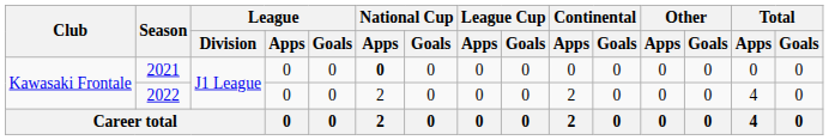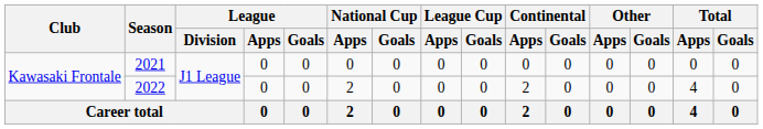 <table class="wikitable" style="text-align: center">
 <tr>
 <th rowspan="2">Club</th>
 <th rowspan="2">Season</th>
 <th colspan="3">League</th>
 <th colspan="2">National Cup</th>
 <th colspan="2">League Cup</th>
 <th colspan="2">Continental</th>
 <th colspan="2">Other</th>
 <th colspan="2">Total</th>
 </tr>
 <tr>
 <th>Division</th>
 <th>Apps</th>
 <th>Goals</th>
 <th>Apps</th>
 <th>Goals</th>
 <th>Apps</th>
 <th>Goals</th>
 <th>Apps</th>
 <th>Goals</th>
 <th>Apps</th>
 <th>Goals</th>
 <th>Apps</th>
 <th>Goals</th>
 </tr>
 <tr>
 <td rowspan="2"><a href='#'>Kawasaki Frontale</a></td>
 <td><a href='#'>2021</a></td>
 <td rowspan="2"><a href='#'>J1 League</a></td>
 <td>0</td>
 <td>0</td>
-<td><strong>0</strong></td>
+<td>0</td>
 <td>0</td>
 <td>0</td>
 <td>0</td>
 <td>0</td>
 <td>0</td>
 <td>0</td>
 <td>0</td>
 <td>0</td>
 <td>0</td>
 </tr>
 <tr>
 <td><a href='#'>2022</a></td>
 <td>0</td>
 <td>0</td>
 <td>2</td>
 <td>0</td>
 <td>0</td>
 <td>0</td>
 <td>2</td>
 <td>0</td>
 <td>0</td>
 <td>0</td>
 <td>4</td>
 <td>0</td>
 </tr>
 <tr>
 <th colspan=3>Career total</th>
 <th>0</th>
 <th>0</th>
 <th>2</th>
 <th>0</th>
 <th>0</th>
 <th>0</th>
 <th>2</th>
 <th>0</th>
 <th>0</th>
 <th>0</th>
 <th>4</th>
 <th>0</th>
 </tr>
 </table>
